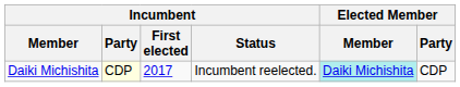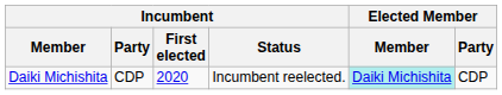 <table class="wikitable sortable">
 <tr>
 <th colspan=4>Incumbent</th>
 <th colspan=2>Elected Member</th>
 </tr>
 <tr>
 <th>Member</th>
 <th>Party</th>
 <th>First<br>elected</th>
 <th>Status</th>
 <th>Member</th>
 <th>Party</th>
 </tr>
 <tr>
 <td><a href='#'>Daiki Michishita</a></td>
-<td style="background: lightyellow;">CDP</td>
-<td><a href='#'>2017</a></td>
+<td>CDP</td>
+<td><a href='#'>2020</a></td>
 <td>Incumbent reelected.</td>
 <td style="background: paleturquoise;"><a href='#'>Daiki Michishita</a></td>
 <td>CDP</td>
 </tr>
 </table>
